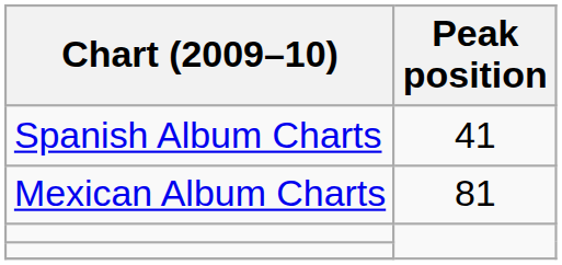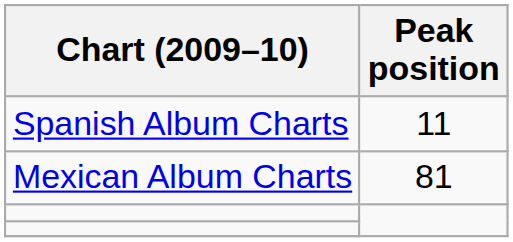 <table class="wikitable">
 <tr>
 <th align="left">Chart (2009–10)</th>
 <th align="left">Peak<br>position</th>
 </tr>
 <tr>
 <td align="left"><a href='#'>Spanish Album Charts</a></td>
-<td style="text-align:center;">41</td>
+<td style="text-align:center;">11</td>
 </tr>
 <tr>
 <td align="left"><a href='#'>Mexican Album Charts</a></td>
 <td style="text-align:center;">81</td>
 </tr>
 <tr>
 <td></td>
 </tr>
 <tr>
 <td></td>
 </tr>
 <tr>
 </tr>
 </table>
